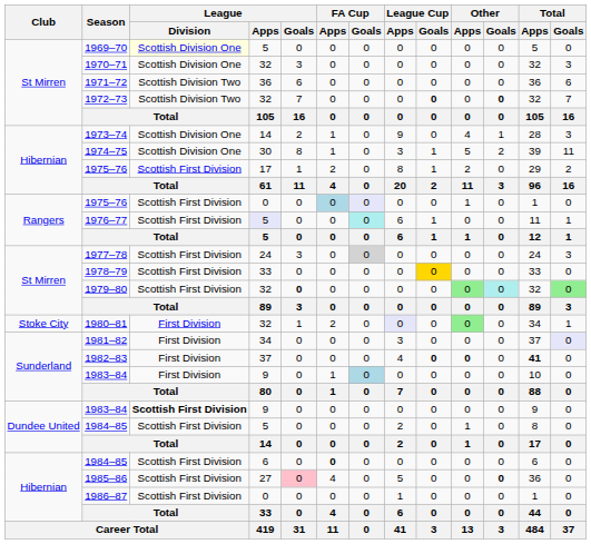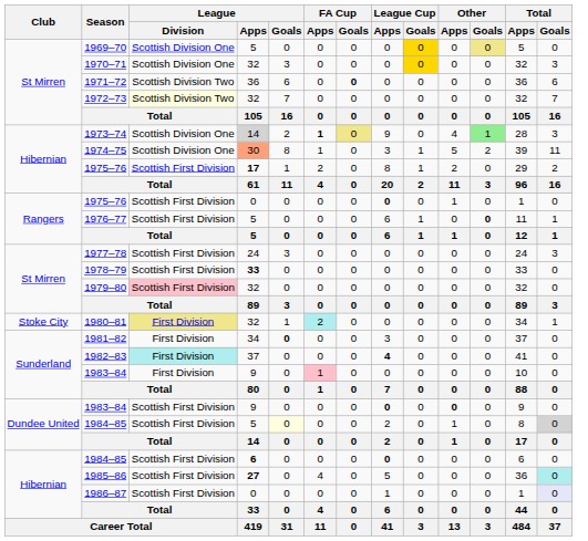 <table class="wikitable" style="text-align: center;">
 <tr>
 <th rowspan="2">Club</th>
 <th rowspan="2">Season</th>
 <th colspan="3">League</th>
 <th colspan="2">FA Cup</th>
 <th colspan="2">League Cup</th>
 <th colspan="2">Other</th>
 <th colspan="2">Total</th>
 </tr>
 <tr>
 <th>Division</th>
 <th>Apps</th>
 <th>Goals</th>
 <th>Apps</th>
 <th>Goals</th>
 <th>Apps</th>
 <th>Goals</th>
 <th>Apps</th>
 <th>Goals</th>
 <th>Apps</th>
 <th>Goals</th>
 </tr>
 <tr>
 <td rowspan=5><a href='#'>St Mirren</a></td>
 <td><a href='#'>1969–70</a></td>
-<td style="background: lightyellow;"><a href='#'>Scottish Division One</a></td>
+<td><a href='#'>Scottish Division One</a></td>
 <td>5</td>
 <td>0</td>
 <td>0</td>
 <td>0</td>
 <td>0</td>
+<td style="background: gold;">0</td>
 <td>0</td>
-<td>0</td>
-<td>0</td>
+<td style="background: khaki;">0</td>
 <td>5</td>
 <td>0</td>
 </tr>
 <tr>
 <td><a href='#'>1970–71</a></td>
 <td>Scottish Division One</td>
 <td>32</td>
 <td>3</td>
 <td>0</td>
 <td>0</td>
 <td>0</td>
-<td>0</td>
+<td style="background: gold;">0</td>
 <td>0</td>
 <td>0</td>
 <td>32</td>
 <td>3</td>
 </tr>
 <tr>
 <td><a href='#'>1971–72</a></td>
 <td>Scottish Division Two</td>
 <td>36</td>
 <td>6</td>
 <td>0</td>
-<td>0</td>
+<td><strong>0</strong></td>
 <td>0</td>
 <td>0</td>
 <td>0</td>
 <td>0</td>
 <td>36</td>
 <td>6</td>
 </tr>
 <tr>
 <td><a href='#'>1972–73</a></td>
-<td>Scottish Division Two</td>
+<td style="background: lightyellow;">Scottish Division Two</td>
 <td>32</td>
 <td>7</td>
 <td>0</td>
 <td>0</td>
 <td>0</td>
-<td><strong>0</strong></td>
 <td>0</td>
-<td><strong>0</strong></td>
+<td>0</td>
+<td>0</td>
 <td>32</td>
 <td>7</td>
 </tr>
 <tr>
 <th colspan=2>Total</th>
 <th>105</th>
 <th>16</th>
 <th>0</th>
 <th>0</th>
 <th>0</th>
 <th>0</th>
 <th>0</th>
 <th>0</th>
 <th>105</th>
 <th>16</th>
 </tr>
 <tr>
 <td rowspan=4><a href='#'>Hibernian</a></td>
 <td><a href='#'>1973–74</a></td>
 <td>Scottish Division One</td>
-<td>14</td>
+<td style="background: lightgrey;">14</td>
 <td>2</td>
-<td>1</td>
-<td>0</td>
+<td><strong>1</strong></td>
+<td style="background: khaki;">0</td>
 <td>9</td>
 <td>0</td>
 <td>4</td>
-<td>1</td>
+<td style="background: lightgreen;">1</td>
 <td>28</td>
 <td>3</td>
 </tr>
 <tr>
 <td><a href='#'>1974–75</a></td>
 <td>Scottish Division One</td>
-<td>30</td>
+<td style="background: lightsalmon;">30</td>
 <td>8</td>
 <td>1</td>
 <td>0</td>
 <td>3</td>
 <td>1</td>
 <td>5</td>
 <td>2</td>
 <td>39</td>
 <td>11</td>
 </tr>
 <tr>
 <td><a href='#'>1975–76</a></td>
 <td><a href='#'>Scottish First Division</a></td>
-<td>17</td>
+<td><strong>17</strong></td>
 <td>1</td>
 <td>2</td>
 <td>0</td>
 <td>8</td>
 <td>1</td>
 <td>2</td>
 <td>0</td>
 <td>29</td>
 <td>2</td>
 </tr>
 <tr>
 <th colspan=2>Total</th>
 <th>61</th>
 <th>11</th>
 <th>4</th>
 <th>0</th>
 <th>20</th>
 <th>2</th>
 <th>11</th>
 <th>3</th>
 <th>96</th>
 <th>16</th>
 </tr>
 <tr>
 <td rowspan=3><a href='#'>Rangers</a></td>
 <td><a href='#'>1975–76</a></td>
 <td>Scottish First Division</td>
 <td>0</td>
 <td>0</td>
-<td style="background: lightblue;">0</td>
-<td style="background: lavender;">0</td>
 <td>0</td>
+<td>0</td>
+<td><strong>0</strong></td>
 <td>0</td>
 <td>1</td>
 <td>0</td>
 <td>1</td>
 <td>0</td>
 </tr>
 <tr>
 <td><a href='#'>1976–77</a></td>
 <td>Scottish First Division</td>
-<td style="background: lavender;">5</td>
+<td>5</td>
 <td>0</td>
 <td>0</td>
-<td style="background: paleturquoise;">0</td>
+<td>0</td>
 <td>6</td>
 <td>1</td>
 <td>0</td>
-<td>0</td>
+<td><strong>0</strong></td>
 <td>11</td>
 <td>1</td>
 </tr>
 <tr>
 <th colspan=2>Total</th>
 <th>5</th>
 <th>0</th>
 <th>0</th>
 <th>0</th>
 <th>6</th>
 <th>1</th>
 <th>1</th>
 <th>0</th>
 <th>12</th>
 <th>1</th>
 </tr>
 <tr>
 <td rowspan=4><a href='#'>St Mirren</a></td>
 <td><a href='#'>1977–78</a></td>
 <td>Scottish First Division</td>
 <td>24</td>
 <td>3</td>
 <td>0</td>
-<td style="background: lightgrey;">0</td>
+<td>0</td>
 <td>0</td>
 <td>0</td>
 <td>0</td>
 <td>0</td>
 <td>24</td>
 <td>3</td>
 </tr>
 <tr>
 <td><a href='#'>1978–79</a></td>
 <td>Scottish First Division</td>
-<td>33</td>
+<td><strong>33</strong></td>
 <td>0</td>
 <td>0</td>
 <td>0</td>
 <td>0</td>
-<td style="background: gold;">0</td>
+<td>0</td>
 <td>0</td>
 <td>0</td>
 <td>33</td>
 <td>0</td>
 </tr>
 <tr>
 <td><a href='#'>1979–80</a></td>
-<td>Scottish First Division</td>
+<td style="background: pink;">Scottish First Division</td>
 <td>32</td>
-<td><strong>0</strong></td>
 <td>0</td>
 <td>0</td>
 <td>0</td>
 <td>0</td>
-<td style="background: lightgreen;">0</td>
-<td style="background: paleturquoise;">0</td>
+<td>0</td>
+<td>0</td>
+<td>0</td>
 <td>32</td>
-<td style="background: lightgreen;">0</td>
+<td>0</td>
 </tr>
 <tr>
 <th colspan=2>Total</th>
 <th>89</th>
 <th>3</th>
 <th>0</th>
 <th>0</th>
 <th>0</th>
 <th>0</th>
 <th>0</th>
 <th>0</th>
 <th>89</th>
 <th>3</th>
 </tr>
 <tr>
 <td><a href='#'>Stoke City</a></td>
 <td><a href='#'>1980–81</a></td>
-<td><a href='#'>First Division</a></td>
+<td style="background: khaki;"><a href='#'>First Division</a></td>
 <td>32</td>
 <td>1</td>
-<td>2</td>
+<td style="background: paleturquoise;">2</td>
 <td>0</td>
-<td style="background: lavender;">0</td>
 <td>0</td>
-<td style="background: lightgreen;">0</td>
+<td>0</td>
+<td>0</td>
 <td>0</td>
 <td>34</td>
 <td>1</td>
 </tr>
 <tr>
 <td rowspan=4><a href='#'>Sunderland</a></td>
 <td><a href='#'>1981–82</a></td>
 <td>First Division</td>
 <td>34</td>
-<td>0</td>
+<td><strong>0</strong></td>
 <td>0</td>
 <td>0</td>
 <td>3</td>
 <td>0</td>
 <td>0</td>
 <td>0</td>
 <td>37</td>
-<td style="background: lavender;">0</td>
+<td>0</td>
 </tr>
 <tr>
 <td><a href='#'>1982–83</a></td>
-<td>First Division</td>
+<td style="background: paleturquoise;">First Division</td>
 <td>37</td>
 <td>0</td>
 <td>0</td>
 <td>0</td>
-<td>4</td>
-<td><strong>0</strong></td>
-<td><strong>0</strong></td>
+<td><strong>4</strong></td>
 <td>0</td>
-<td><strong>41</strong></td>
+<td>0</td>
+<td>0</td>
+<td>41</td>
 <td>0</td>
 </tr>
 <tr>
 <td><a href='#'>1983–84</a></td>
 <td>First Division</td>
 <td>9</td>
 <td>0</td>
-<td>1</td>
-<td style="background: lightblue;">0</td>
+<td style="background: pink;">1</td>
+<td>0</td>
 <td>0</td>
 <td>0</td>
 <td>0</td>
 <td>0</td>
 <td>10</td>
 <td>0</td>
 </tr>
 <tr>
 <th colspan=2>Total</th>
 <th>80</th>
 <th>0</th>
 <th>1</th>
 <th>0</th>
 <th>7</th>
 <th>0</th>
 <th>0</th>
 <th>0</th>
 <th>88</th>
 <th>0</th>
 </tr>
 <tr>
 <td rowspan=3><a href='#'>Dundee United</a></td>
 <td><a href='#'>1983–84</a></td>
-<td><strong>Scottish First Division</strong></td>
+<td>Scottish First Division</td>
 <td>9</td>
 <td>0</td>
 <td>0</td>
 <td>0</td>
+<td><strong>0</strong></td>
 <td>0</td>
-<td>0</td>
-<td>0</td>
+<td><strong>0</strong></td>
 <td>0</td>
 <td>9</td>
 <td>0</td>
 </tr>
 <tr>
 <td><a href='#'>1984–85</a></td>
 <td>Scottish First Division</td>
 <td>5</td>
-<td>0</td>
+<td style="background: lightyellow;">0</td>
 <td>0</td>
 <td>0</td>
 <td>2</td>
 <td>0</td>
 <td>1</td>
 <td>0</td>
 <td>8</td>
-<td>0</td>
+<td style="background: lightgrey;">0</td>
 </tr>
 <tr>
 <th colspan=2>Total</th>
 <th>14</th>
 <th>0</th>
 <th>0</th>
 <th>0</th>
 <th>2</th>
 <th>0</th>
 <th>1</th>
 <th>0</th>
 <th>17</th>
 <th>0</th>
 </tr>
 <tr>
 <td rowspan=4><a href='#'>Hibernian</a></td>
 <td><a href='#'>1984–85</a></td>
 <td>Scottish First Division</td>
-<td>6</td>
+<td><strong>6</strong></td>
+<td>0</td>
+<td>0</td>
 <td>0</td>
 <td><strong>0</strong></td>
-<td>0</td>
-<td>0</td>
 <td>0</td>
 <td>0</td>
 <td>0</td>
 <td>6</td>
 <td>0</td>
 </tr>
 <tr>
 <td><a href='#'>1985–86</a></td>
 <td>Scottish First Division</td>
-<td>27</td>
-<td style="background: pink;">0</td>
+<td><strong>27</strong></td>
+<td>0</td>
 <td>4</td>
 <td>0</td>
 <td>5</td>
 <td>0</td>
 <td>0</td>
-<td><strong>0</strong></td>
+<td>0</td>
 <td>36</td>
-<td>0</td>
+<td style="background: paleturquoise;">0</td>
 </tr>
 <tr>
 <td><a href='#'>1986–87</a></td>
 <td>Scottish First Division</td>
 <td>0</td>
 <td>0</td>
 <td>0</td>
 <td>0</td>
 <td>1</td>
 <td>0</td>
 <td>0</td>
 <td>0</td>
 <td>1</td>
-<td>0</td>
+<td style="background: lavender;">0</td>
 </tr>
 <tr>
 <th colspan=2>Total</th>
 <th>33</th>
 <th>0</th>
 <th>4</th>
 <th>0</th>
 <th>6</th>
 <th>0</th>
 <th>0</th>
 <th>0</th>
 <th>44</th>
 <th>0</th>
 </tr>
 <tr>
 <th colspan="3">Career Total</th>
 <th>419</th>
 <th>31</th>
 <th>11</th>
 <th>0</th>
 <th>41</th>
 <th>3</th>
 <th>13</th>
 <th>3</th>
 <th>484</th>
 <th>37</th>
 </tr>
 </table>
